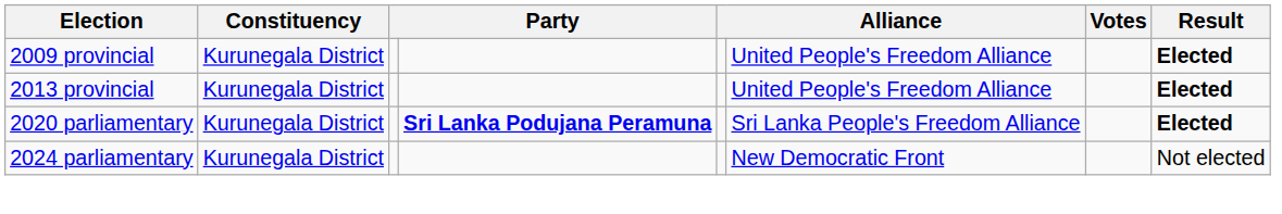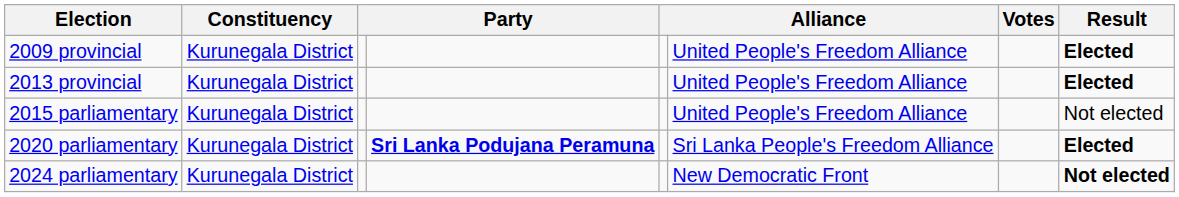 <table class="wikitable" style="text-align:left;">
 <tr>
 <th scope=col>Election</th>
 <th scope=col>Constituency</th>
 <th scope=col colspan="2">Party</th>
 <th scope=col colspan="2">Alliance</th>
 <th scope=col>Votes</th>
 <th scope=col>Result</th>
 </tr>
 <tr>
 <td><a href='#'>2009 provincial</a></td>
 <td><a href='#'>Kurunegala District</a></td>
 <td></td>
 <td></td>
 <td style="background:"></td>
 <td><a href='#'>United People's Freedom Alliance</a></td>
 <td align=right></td>
 <td><strong>Elected</strong></td>
 </tr>
 <tr>
 <td><a href='#'>2013 provincial</a></td>
 <td><a href='#'>Kurunegala District</a></td>
 <td></td>
 <td></td>
 <td style="background:"></td>
 <td><a href='#'>United People's Freedom Alliance</a></td>
 <td align=right></td>
 <td><strong>Elected</strong></td>
 </tr>
 <tr>
+<td><a href='#'>2015 parliamentary</a></td>
+<td><a href='#'>Kurunegala District</a></td>
+<td></td>
+<td></td>
+<td style="background:"></td>
+<td><a href='#'>United People's Freedom Alliance</a></td>
+<td align=right></td>
+<td>Not elected</td>
+</tr>
+<tr>
 <td><a href='#'>2020 parliamentary</a></td>
 <td><a href='#'>Kurunegala District</a></td>
 <td style="background:"></td>
 <td><strong><a href='#'>Sri Lanka Podujana Peramuna</a></strong></td>
 <td style="background:"></td>
 <td><a href='#'>Sri Lanka People's Freedom Alliance</a></td>
 <td align=right></td>
 <td><strong>Elected</strong></td>
 </tr>
 <tr>
 <td><a href='#'>2024 parliamentary</a></td>
 <td><a href='#'>Kurunegala District</a></td>
 <td></td>
 <td></td>
 <td style="background:"></td>
 <td><a href='#'>New Democratic Front</a></td>
 <td></td>
-<td>Not elected</td>
+<td><strong>Not elected</strong></td>
 </tr>
 </table>
